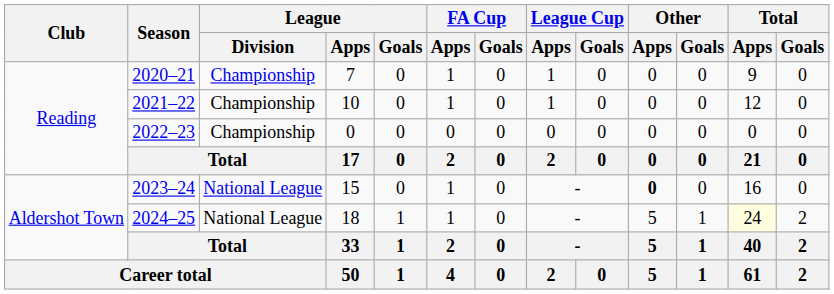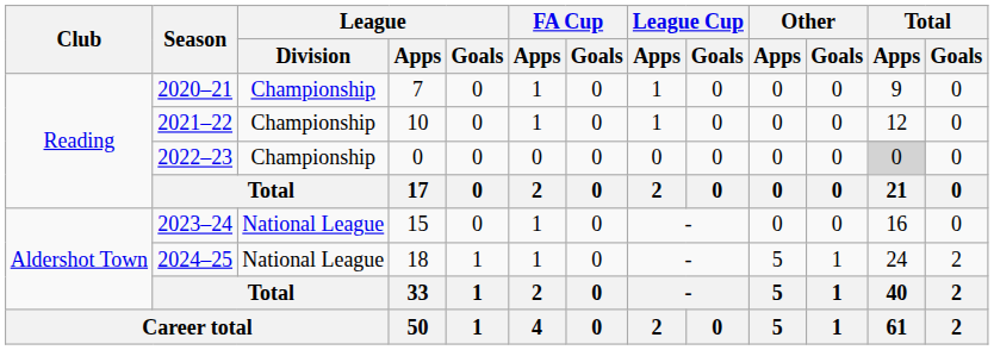 <table class="wikitable" style="text-align: center;">
 <tr>
 <th rowspan="2">Club</th>
 <th rowspan="2">Season</th>
 <th colspan="3">League</th>
 <th colspan="2"><a href='#'>FA Cup</a></th>
 <th colspan="2"><a href='#'>League Cup</a></th>
 <th colspan="2">Other</th>
 <th colspan="2">Total</th>
 </tr>
 <tr>
 <th>Division</th>
 <th>Apps</th>
 <th>Goals</th>
 <th>Apps</th>
 <th>Goals</th>
 <th>Apps</th>
 <th>Goals</th>
 <th>Apps</th>
 <th>Goals</th>
 <th>Apps</th>
 <th>Goals</th>
 </tr>
 <tr>
 <td rowspan="4"><a href='#'>Reading</a></td>
 <td><a href='#'>2020–21</a></td>
 <td><a href='#'>Championship</a></td>
 <td>7</td>
 <td>0</td>
 <td>1</td>
 <td>0</td>
 <td>1</td>
 <td>0</td>
 <td>0</td>
 <td>0</td>
 <td>9</td>
 <td>0</td>
 </tr>
 <tr>
 <td><a href='#'>2021–22</a></td>
 <td>Championship</td>
 <td>10</td>
 <td>0</td>
 <td>1</td>
 <td>0</td>
 <td>1</td>
 <td>0</td>
 <td>0</td>
 <td>0</td>
 <td>12</td>
 <td>0</td>
 </tr>
 <tr>
 <td><a href='#'>2022–23</a></td>
 <td>Championship</td>
 <td>0</td>
 <td>0</td>
 <td>0</td>
 <td>0</td>
 <td>0</td>
 <td>0</td>
 <td>0</td>
 <td>0</td>
-<td>0</td>
+<td style="background: lightgrey;">0</td>
 <td>0</td>
 </tr>
 <tr>
 <th colspan="2">Total</th>
 <th>17</th>
 <th>0</th>
 <th>2</th>
 <th>0</th>
 <th>2</th>
 <th>0</th>
 <th>0</th>
 <th>0</th>
 <th>21</th>
 <th>0</th>
 </tr>
 <tr>
 <td rowspan="3"><a href='#'>Aldershot Town</a></td>
 <td><a href='#'>2023–24</a></td>
 <td><a href='#'>National League</a></td>
 <td>15</td>
 <td>0</td>
 <td>1</td>
 <td>0</td>
 <td colspan="2">-</td>
-<td><strong>0</strong></td>
+<td>0</td>
 <td>0</td>
 <td>16</td>
 <td>0</td>
 </tr>
 <tr>
 <td><a href='#'>2024–25</a></td>
 <td>National League</td>
 <td>18</td>
 <td>1</td>
 <td>1</td>
 <td>0</td>
 <td colspan="2">-</td>
 <td>5</td>
 <td>1</td>
-<td style="background: lightyellow;">24</td>
+<td>24</td>
 <td>2</td>
 </tr>
 <tr>
 <th colspan="2">Total</th>
 <th>33</th>
 <th>1</th>
 <th>2</th>
 <th>0</th>
 <th colspan="2">-</th>
 <th>5</th>
 <th>1</th>
 <th>40</th>
 <th>2</th>
 </tr>
 <tr>
 <th colspan="3">Career total</th>
 <th>50</th>
 <th>1</th>
 <th>4</th>
 <th>0</th>
 <th>2</th>
 <th>0</th>
 <th>5</th>
 <th>1</th>
 <th>61</th>
 <th>2</th>
 </tr>
 </table>
